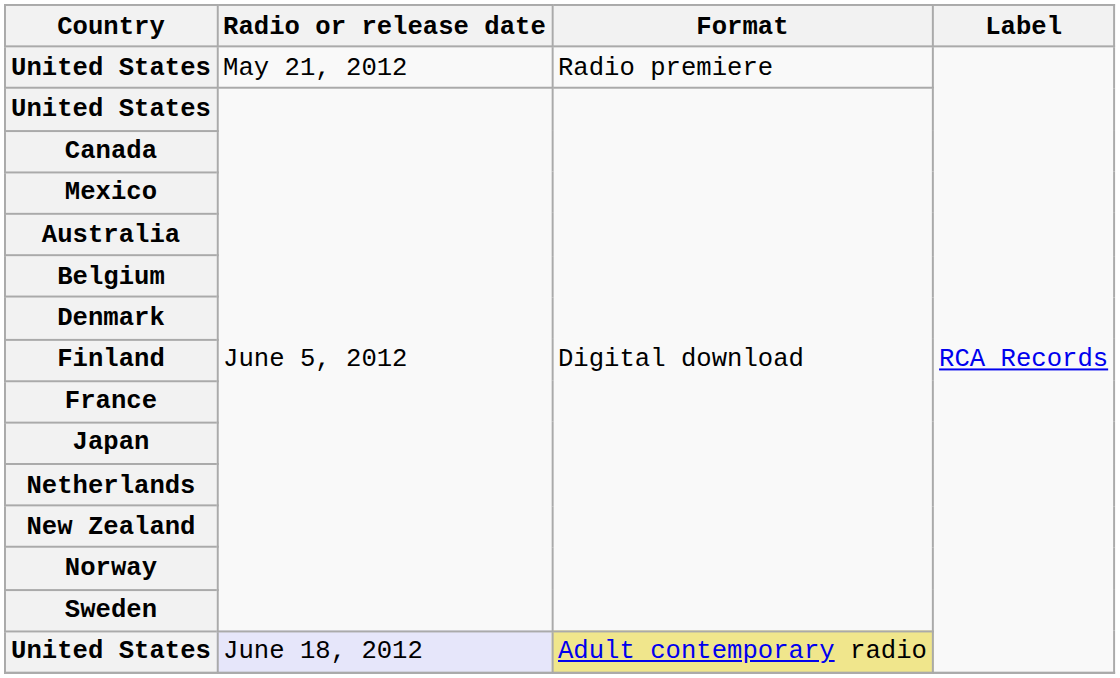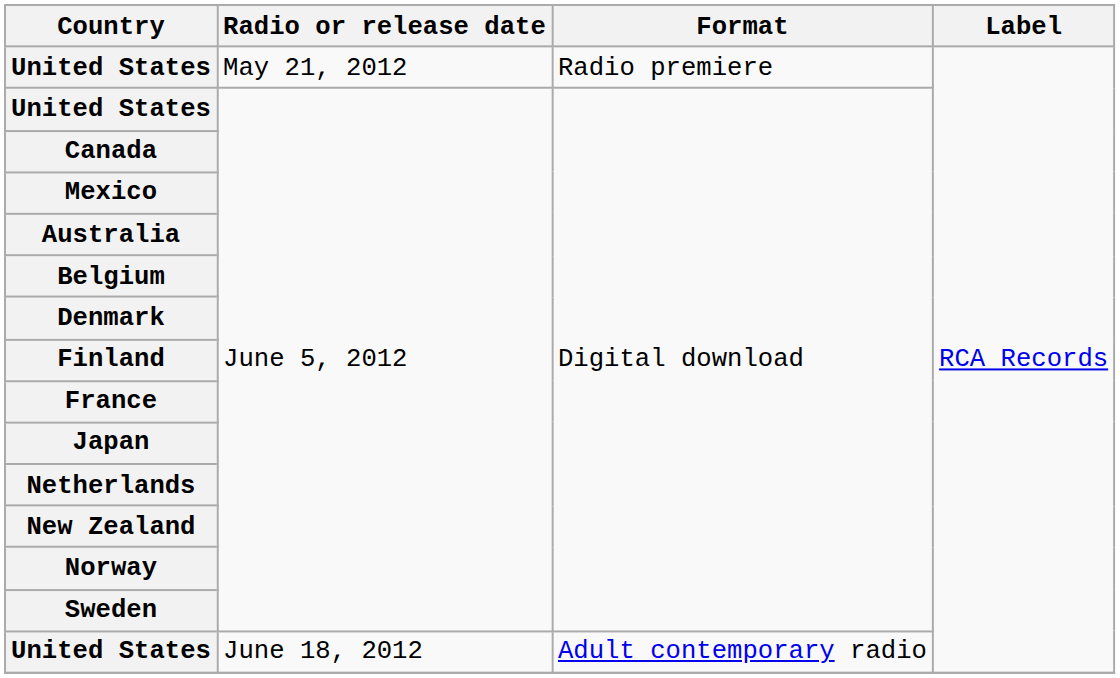 <table class="wikitable plainrowheaders">
 <tr>
 <th scope="col">Country</th>
 <th scope="col">Radio or release date</th>
 <th scope="col">Format</th>
 <th scope="col">Label</th>
 </tr>
 <tr>
 <th scope="row">United States</th>
 <td>May 21, 2012</td>
 <td>Radio premiere</td>
 <td rowspan="15"><a href='#'>RCA Records</a></td>
 </tr>
 <tr>
 <th scope="row">United States</th>
 <td rowspan="13">June 5, 2012</td>
 <td rowspan="13">Digital download</td>
 </tr>
 <tr>
 <th scope="row">Canada</th>
 </tr>
 <tr>
 <th scope="row">Mexico</th>
 </tr>
 <tr>
 <th scope="row">Australia</th>
 </tr>
 <tr>
 <th scope="row">Belgium</th>
 </tr>
 <tr>
 <th scope="row">Denmark</th>
 </tr>
 <tr>
 <th scope="row">Finland</th>
 </tr>
 <tr>
 <th scope="row">France</th>
 </tr>
 <tr>
 <th scope="row">Japan</th>
 </tr>
 <tr>
 <th scope="row">Netherlands</th>
 </tr>
 <tr>
 <th scope="row">New Zealand</th>
 </tr>
 <tr>
 <th scope="row">Norway</th>
 </tr>
 <tr>
 <th scope="row">Sweden</th>
 </tr>
 <tr>
 <th scope="row">United States</th>
-<td style="background: lavender;">June 18, 2012</td>
-<td style="background: khaki;"><a href='#'>Adult contemporary</a> radio</td>
+<td>June 18, 2012</td>
+<td><a href='#'>Adult contemporary</a> radio</td>
 </tr>
 <tr>
 </tr>
 </table>
